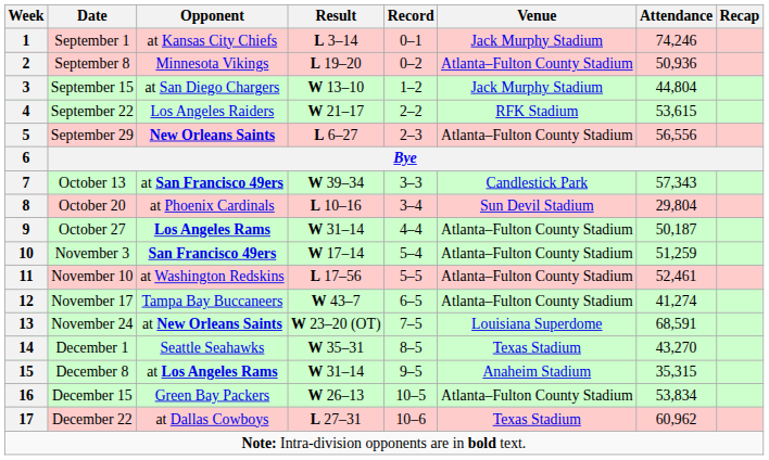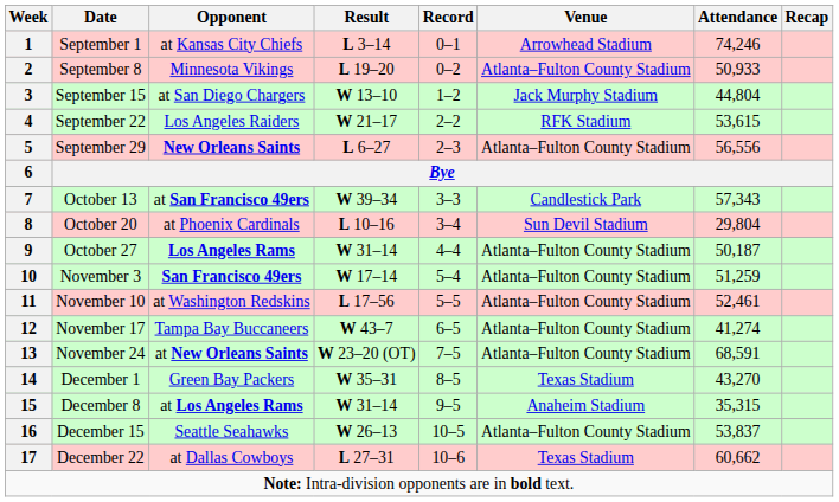 <table class="wikitable" style="text-align:center">
 <tr>
 <th>Week</th>
 <th>Date</th>
 <th>Opponent</th>
 <th>Result</th>
 <th>Record</th>
 <th>Venue</th>
 <th>Attendance</th>
 <th>Recap</th>
 </tr>
 <tr style="background:#fcc">
 <th>1</th>
 <td>September 1</td>
 <td>at <a href='#'>Kansas City Chiefs</a></td>
 <td><strong>L</strong> 3–14</td>
 <td>0–1</td>
-<td><a href='#'>Jack Murphy Stadium</a></td>
+<td><a href='#'>Arrowhead Stadium</a></td>
 <td>74,246</td>
 <td></td>
 </tr>
 <tr style="background:#fcc">
 <th>2</th>
 <td>September 8</td>
 <td><a href='#'>Minnesota Vikings</a></td>
 <td><strong>L</strong> 19–20</td>
 <td>0–2</td>
 <td><a href='#'>Atlanta–Fulton County Stadium</a></td>
-<td>50,936</td>
+<td>50,933</td>
 <td></td>
 </tr>
 <tr style="background:#cfc">
 <th>3</th>
 <td>September 15</td>
 <td>at <a href='#'>San Diego Chargers</a></td>
 <td><strong>W</strong> 13–10</td>
 <td>1–2</td>
 <td><a href='#'>Jack Murphy Stadium</a></td>
 <td>44,804</td>
 <td></td>
 </tr>
 <tr style="background:#cfc">
 <th>4</th>
 <td>September 22</td>
 <td><a href='#'>Los Angeles Raiders</a></td>
 <td><strong>W</strong> 21–17</td>
 <td>2–2</td>
 <td><a href='#'>RFK Stadium</a></td>
 <td>53,615</td>
 <td></td>
 </tr>
 <tr style="background:#fcc">
 <th>5</th>
 <td>September 29</td>
 <td><strong><a href='#'>New Orleans Saints</a></strong></td>
 <td><strong>L</strong> 6–27</td>
 <td>2–3</td>
 <td>Atlanta–Fulton County Stadium</td>
 <td>56,556</td>
 <td></td>
 </tr>
 <tr>
 <th>6</th>
 <th colspan=7><em><a href='#'>Bye</a></em></th>
 </tr>
 <tr style="background:#cfc">
 <th>7</th>
 <td>October 13</td>
 <td>at <strong><a href='#'>San Francisco 49ers</a></strong></td>
 <td><strong>W</strong> 39–34</td>
 <td>3–3</td>
 <td><a href='#'>Candlestick Park</a></td>
 <td>57,343</td>
 <td></td>
 </tr>
 <tr style="background:#fcc">
 <th>8</th>
 <td>October 20</td>
 <td>at <a href='#'>Phoenix Cardinals</a></td>
 <td><strong>L</strong> 10–16</td>
 <td>3–4</td>
 <td><a href='#'>Sun Devil Stadium</a></td>
 <td>29,804</td>
 <td></td>
 </tr>
 <tr style="background:#cfc">
 <th>9</th>
 <td>October 27</td>
 <td><strong><a href='#'>Los Angeles Rams</a></strong></td>
 <td><strong>W</strong> 31–14</td>
 <td>4–4</td>
 <td>Atlanta–Fulton County Stadium</td>
 <td>50,187</td>
 <td></td>
 </tr>
 <tr style="background:#cfc">
 <th>10</th>
 <td>November 3</td>
 <td><strong><a href='#'>San Francisco 49ers</a></strong></td>
 <td><strong>W</strong> 17–14</td>
 <td>5–4</td>
 <td>Atlanta–Fulton County Stadium</td>
 <td>51,259</td>
 <td></td>
 </tr>
 <tr style="background:#fcc">
 <th>11</th>
 <td>November 10</td>
 <td>at <a href='#'>Washington Redskins</a></td>
 <td><strong>L</strong> 17–56</td>
 <td>5–5</td>
 <td>Atlanta–Fulton County Stadium</td>
 <td>52,461</td>
 <td></td>
 </tr>
 <tr style="background:#cfc">
 <th>12</th>
 <td>November 17</td>
 <td><a href='#'>Tampa Bay Buccaneers</a></td>
 <td><strong>W</strong> 43–7</td>
 <td>6–5</td>
 <td>Atlanta–Fulton County Stadium</td>
 <td>41,274</td>
 <td></td>
 </tr>
 <tr style="background:#cfc">
 <th>13</th>
 <td>November 24</td>
 <td>at <strong><a href='#'>New Orleans Saints</a></strong></td>
 <td><strong>W</strong> 23–20 (OT)</td>
 <td>7–5</td>
-<td><a href='#'>Louisiana Superdome</a></td>
+<td>Atlanta–Fulton County Stadium</td>
 <td>68,591</td>
 <td></td>
 </tr>
 <tr style="background:#cfc">
 <th>14</th>
 <td>December 1</td>
-<td><a href='#'>Seattle Seahawks</a></td>
+<td><a href='#'>Green Bay Packers</a></td>
 <td><strong>W</strong> 35–31</td>
 <td>8–5</td>
 <td><a href='#'>Texas Stadium</a></td>
 <td>43,270</td>
 <td></td>
 </tr>
 <tr style="background:#cfc">
 <th>15</th>
 <td>December 8</td>
 <td>at <strong><a href='#'>Los Angeles Rams</a></strong></td>
 <td><strong>W</strong> 31–14</td>
 <td>9–5</td>
 <td><a href='#'>Anaheim Stadium</a></td>
 <td>35,315</td>
 <td></td>
 </tr>
 <tr style="background:#cfc">
 <th>16</th>
 <td>December 15</td>
-<td><a href='#'>Green Bay Packers</a></td>
+<td><a href='#'>Seattle Seahawks</a></td>
 <td><strong>W</strong> 26–13</td>
 <td>10–5</td>
 <td>Atlanta–Fulton County Stadium</td>
-<td>53,834</td>
+<td>53,837</td>
 <td></td>
 </tr>
 <tr style="background:#fcc">
 <th>17</th>
 <td>December 22</td>
 <td>at <a href='#'>Dallas Cowboys</a></td>
 <td><strong>L</strong> 27–31</td>
 <td>10–6</td>
 <td><a href='#'>Texas Stadium</a></td>
-<td>60,962</td>
+<td>60,662</td>
 <td></td>
 </tr>
 <tr>
 <td colspan="8"><strong>Note:</strong> Intra-division opponents are in <strong>bold</strong> text.</td>
 </tr>
 </table>
